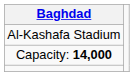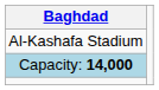 <table class="wikitable" style="text-align:center">
 <tr>
 <th><a href='#'>Baghdad</a></th>
 <td rowspan="4"></td>
 </tr>
 <tr>
 <td>Al-Kashafa Stadium</td>
 </tr>
 <tr>
-<td>Capacity: <strong>14,000</strong></td>
+<td style="background: lightblue;">Capacity: <strong>14,000</strong></td>
 </tr>
 <tr>
 <td></td>
 </tr>
 </table>
